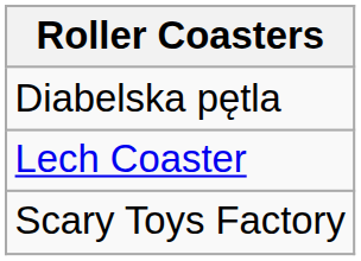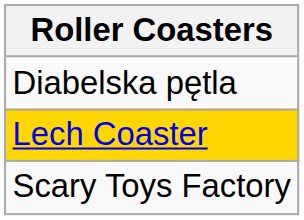 <table class="wikitable">
 <tr>
 <th>Roller Coasters</th>
 </tr>
 <tr>
 <td>Diabelska pętla</td>
 </tr>
 <tr>
-<td><a href='#'>Lech Coaster</a></td>
+<td style="background: gold;"><a href='#'>Lech Coaster</a></td>
 </tr>
 <tr>
 <td>Scary Toys Factory</td>
 </tr>
 </table>
